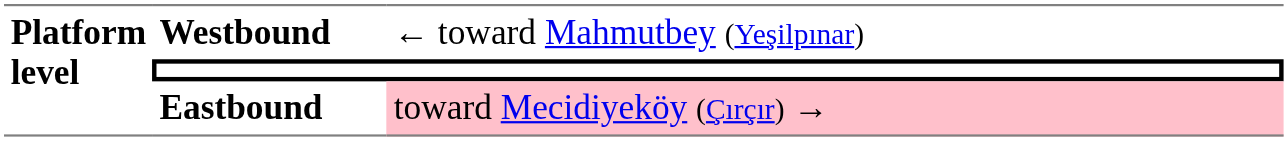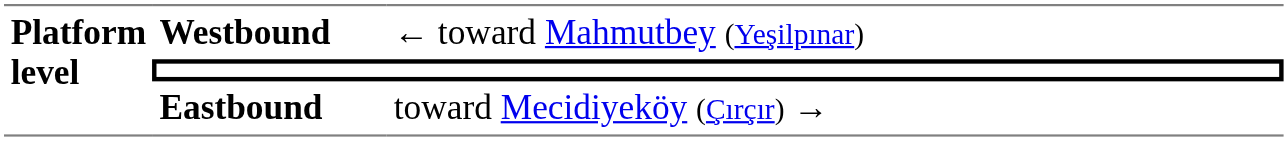 <table cellpadding="3" cellspacing="0" border="0">
 <tr>
 <td rowspan="3" width="50" style="border-top-color: gray; border-bottom-color: gray; border-top-width: 1px; border-bottom-width: 1px; border-top-style: solid; border-bottom-style: solid;" valign="top"><strong>Platform level</strong></td>
 <td width="100" style="border-top-color: gray; border-top-width: 1px; border-top-style: solid;"><strong>Westbound</strong></td>
 <td width="400" style="border-top-color: gray; border-top-width: 1px; border-top-style: solid;">←  toward <a href='#'>Mahmutbey</a> <small>(<a href='#'>Yeşilpınar</a>)</small></td>
 </tr>
 <tr>
 <td colspan="2" style="border: 2px solid black; border-image: none; text-align: center;"></td>
 </tr>
 <tr>
 <td style="border-bottom-color: gray; border-bottom-width: 1px; border-bottom-style: solid;"><strong>Eastbound</strong></td>
-<td style="background: pink; border-bottom-color: gray; border-bottom-width: 1px; border-bottom-style: solid;"> toward <a href='#'>Mecidiyeköy</a> <small>(<a href='#'>Çırçır</a>)</small> →</td>
+<td style="border-bottom-color: gray; border-bottom-width: 1px; border-bottom-style: solid;"> toward <a href='#'>Mecidiyeköy</a> <small>(<a href='#'>Çırçır</a>)</small> →</td>
 </tr>
 </table>
